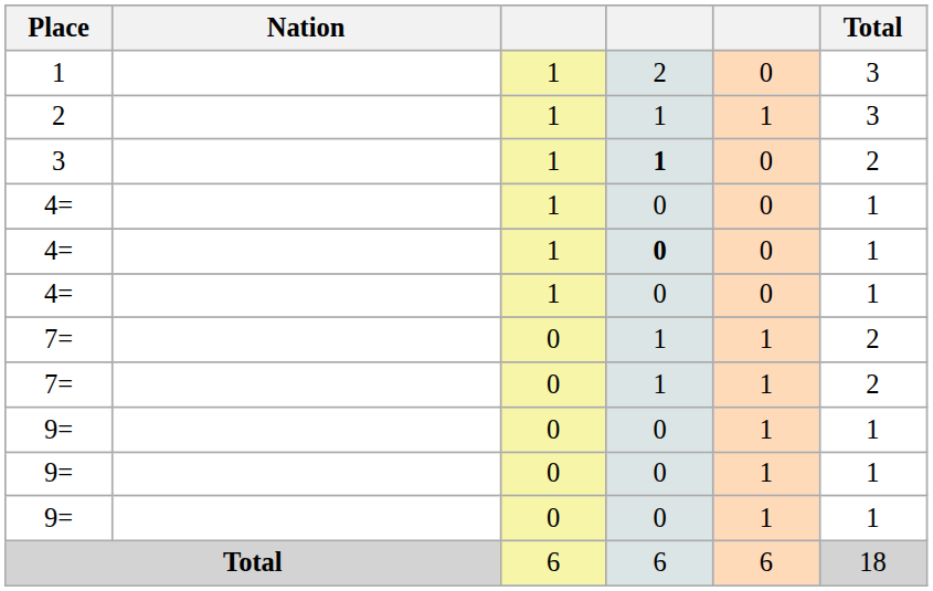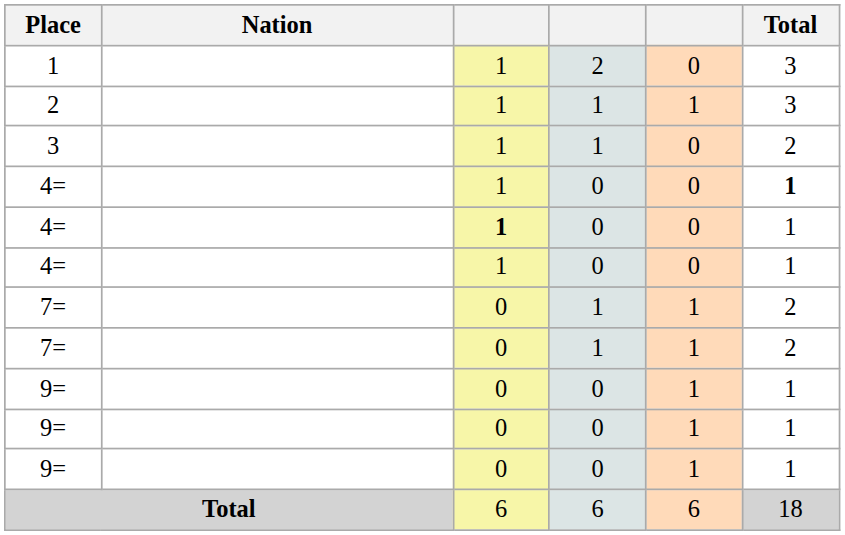 <table class=wikitable style="border:1px solid #AAAAAA;font-size:90%">
 <tr bgcolor="#EFEFEF">
 <th width=50>Place</th>
 <th width=200>Nation</th>
 <th width=50></th>
 <th width=50></th>
 <th width=50></th>
 <th width=50>Total</th>
 </tr>
 <tr align="center" valign="center" bgcolor="#FFFFFF">
 <td>1</td>
 <td align="left"></td>
 <td style="background:#F7F6A8;">1</td>
 <td style="background:#DCE5E5;">2</td>
 <td style="background:#FFDAB9;">0</td>
 <td>3</td>
 </tr>
 <tr align="center" valign="center" bgcolor="#FFFFFF">
 <td>2</td>
 <td align="left"></td>
 <td style="background:#F7F6A8;">1</td>
 <td style="background:#DCE5E5;">1</td>
 <td style="background:#FFDAB9;">1</td>
 <td>3</td>
 </tr>
 <tr align="center" valign="center" bgcolor="#FFFFFF">
 <td>3</td>
 <td align="left"></td>
 <td style="background:#F7F6A8;">1</td>
-<td style="background:#DCE5E5;"><strong>1</strong></td>
+<td style="background:#DCE5E5;">1</td>
 <td style="background:#FFDAB9;">0</td>
 <td>2</td>
 </tr>
 <tr align="center" valign="center" bgcolor="#FFFFFF">
 <td>4=</td>
 <td align="left"></td>
 <td style="background:#F7F6A8;">1</td>
 <td style="background:#DCE5E5;">0</td>
 <td style="background:#FFDAB9;">0</td>
-<td>1</td>
+<td><strong>1</strong></td>
 </tr>
 <tr align="center" valign="center" bgcolor="#FFFFFF">
 <td>4=</td>
 <td align="left"></td>
-<td style="background:#F7F6A8;">1</td>
-<td style="background:#DCE5E5;"><strong>0</strong></td>
+<td style="background:#F7F6A8;"><strong>1</strong></td>
+<td style="background:#DCE5E5;">0</td>
 <td style="background:#FFDAB9;">0</td>
 <td>1</td>
 </tr>
 <tr align="center" valign="center" bgcolor="#FFFFFF">
 <td>4=</td>
 <td align="left"></td>
 <td style="background:#F7F6A8;">1</td>
 <td style="background:#DCE5E5;">0</td>
 <td style="background:#FFDAB9;">0</td>
 <td>1</td>
 </tr>
 <tr align="center" valign="center" bgcolor="#FFFFFF">
 <td>7=</td>
 <td align="left"></td>
 <td style="background:#F7F6A8;">0</td>
 <td style="background:#DCE5E5;">1</td>
 <td style="background:#FFDAB9;">1</td>
 <td>2</td>
 </tr>
 <tr align="center" valign="center" bgcolor="#FFFFFF">
 <td>7=</td>
 <td align="left"></td>
 <td style="background:#F7F6A8;">0</td>
 <td style="background:#DCE5E5;">1</td>
 <td style="background:#FFDAB9;">1</td>
 <td>2</td>
 </tr>
 <tr align="center" valign="center" bgcolor="#FFFFFF">
 <td>9=</td>
 <td align="left"></td>
 <td style="background:#F7F6A8;">0</td>
 <td style="background:#DCE5E5;">0</td>
 <td style="background:#FFDAB9;">1</td>
 <td>1</td>
 </tr>
 <tr align="center" valign="center" bgcolor="#FFFFFF">
 <td>9=</td>
 <td align="left"></td>
 <td style="background:#F7F6A8;">0</td>
 <td style="background:#DCE5E5;">0</td>
 <td style="background:#FFDAB9;">1</td>
 <td>1</td>
 </tr>
 <tr align="center" valign="center" bgcolor="#FFFFFF">
 <td>9=</td>
 <td align="left"></td>
 <td style="background:#F7F6A8;">0</td>
 <td style="background:#DCE5E5;">0</td>
 <td style="background:#FFDAB9;">1</td>
 <td>1</td>
 </tr>
 <tr align="center">
 <td colspan="2" bgcolor=D3D3D3><strong>Total</strong></td>
 <td style="background:#F7F6A8;">6</td>
 <td style="background:#DCE5E5;">6</td>
 <td style="background:#FFDAB9;">6</td>
 <td bgcolor=D3D3D3>18</td>
 </tr>
 </table>
